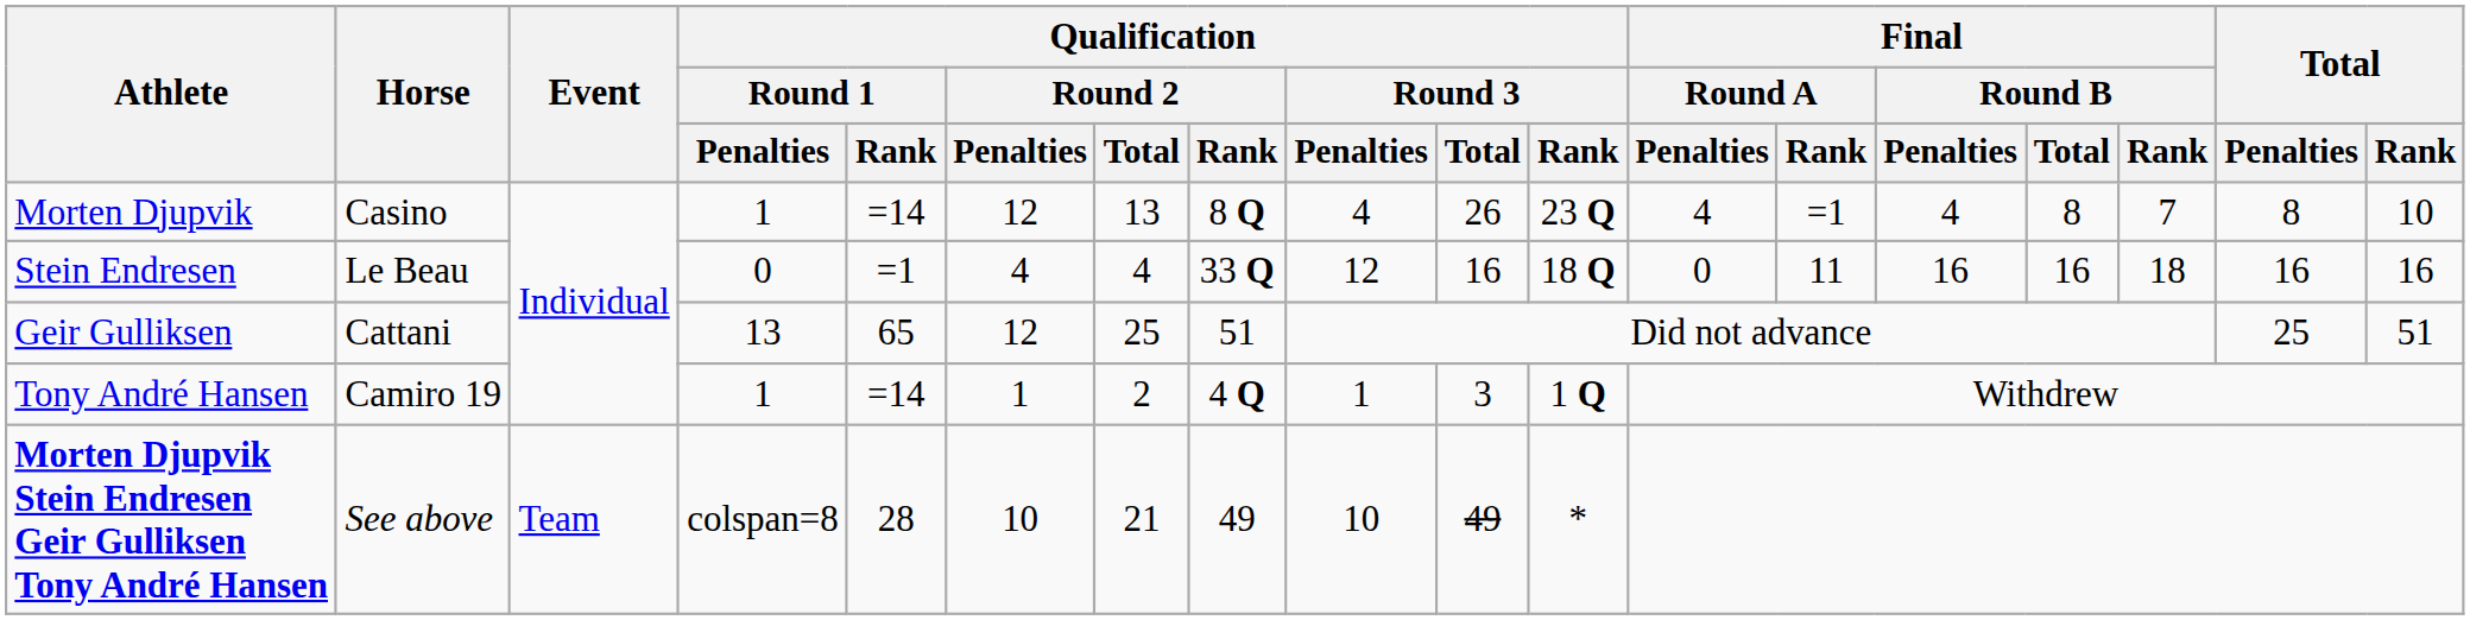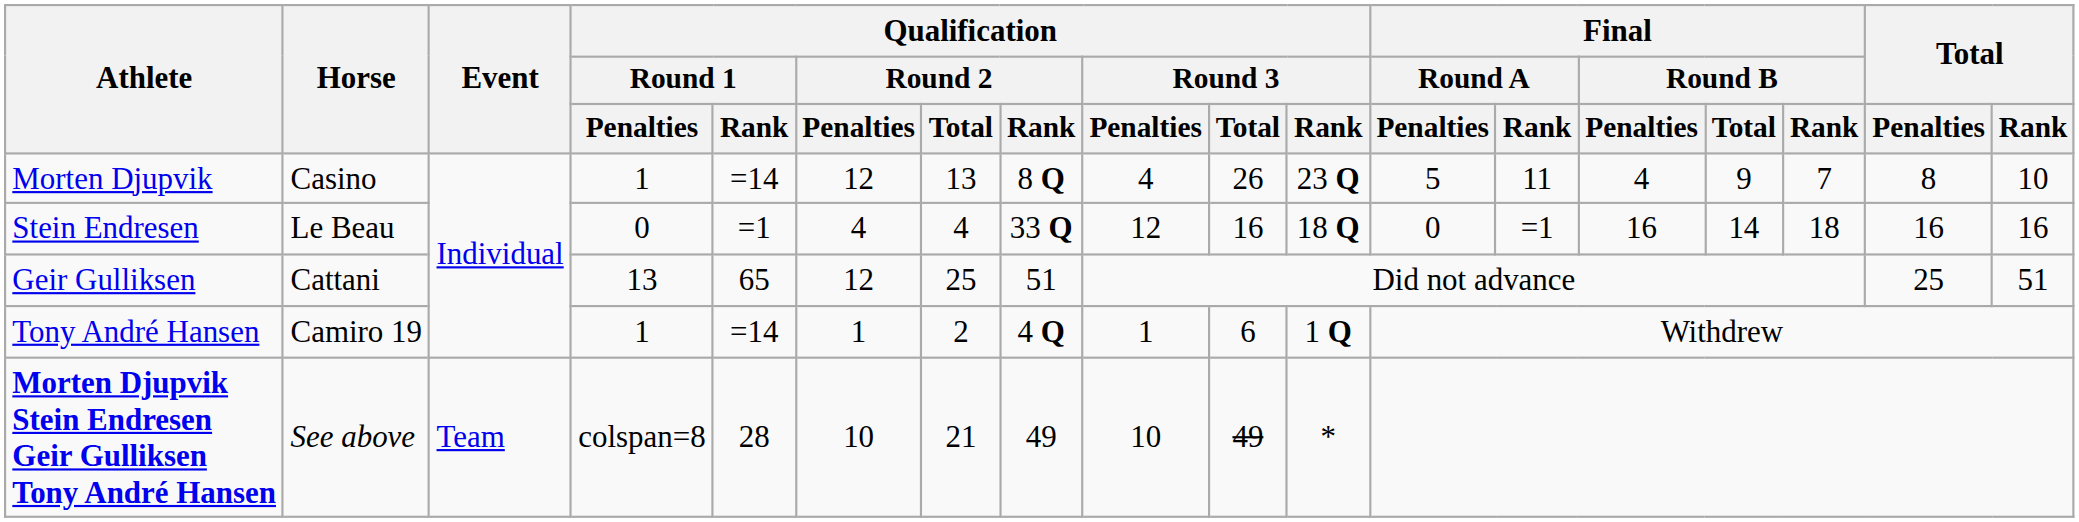 <table class="wikitable" style="font-size:90%">
 <tr>
 <th rowspan="3">Athlete</th>
 <th rowspan="3">Horse</th>
 <th rowspan="3">Event</th>
 <th colspan="8">Qualification</th>
 <th colspan="5">Final</th>
 <th rowspan=2 colspan="2">Total</th>
 </tr>
 <tr style="font-size:95%">
 <th colspan="2">Round 1</th>
 <th colspan="3">Round 2</th>
 <th colspan="3">Round 3</th>
 <th colspan="2">Round A</th>
 <th colspan="3">Round B</th>
 </tr>
 <tr style="font-size:95%">
 <th>Penalties</th>
 <th>Rank</th>
 <th>Penalties</th>
 <th>Total</th>
 <th>Rank</th>
 <th>Penalties</th>
 <th>Total</th>
 <th>Rank</th>
 <th>Penalties</th>
 <th>Rank</th>
 <th>Penalties</th>
 <th>Total</th>
 <th>Rank</th>
 <th>Penalties</th>
 <th>Rank</th>
 </tr>
 <tr align=center>
 <td align=left><a href='#'>Morten Djupvik</a></td>
 <td align=left>Casino</td>
 <td align=left rowspan=4><a href='#'>Individual</a></td>
 <td>1</td>
 <td>=14</td>
 <td>12</td>
 <td>13</td>
 <td>8 <strong>Q</strong></td>
 <td>4</td>
 <td>26</td>
 <td>23 <strong>Q</strong></td>
+<td>5</td>
+<td>11</td>
 <td>4</td>
-<td>=1</td>
-<td>4</td>
-<td>8</td>
+<td>9</td>
 <td>7</td>
 <td>8</td>
 <td>10</td>
 </tr>
 <tr align=center>
 <td align=left><a href='#'>Stein Endresen</a></td>
 <td align=left>Le Beau</td>
 <td>0</td>
 <td>=1</td>
 <td>4</td>
 <td>4</td>
 <td>33 <strong>Q</strong></td>
 <td>12</td>
 <td>16</td>
 <td>18 <strong>Q</strong></td>
 <td>0</td>
-<td>11</td>
+<td>=1</td>
 <td>16</td>
-<td>16</td>
+<td>14</td>
 <td>18</td>
 <td>16</td>
 <td>16</td>
 </tr>
 <tr align=center>
 <td align=left><a href='#'>Geir Gulliksen</a></td>
 <td align=left>Cattani</td>
 <td>13</td>
 <td>65</td>
 <td>12</td>
 <td>25</td>
 <td>51</td>
 <td colspan=8>Did not advance</td>
 <td>25</td>
 <td>51</td>
 </tr>
 <tr align=center>
 <td align=left><a href='#'>Tony André Hansen</a></td>
 <td align=left>Camiro 19</td>
 <td>1</td>
 <td>=14</td>
 <td>1</td>
 <td>2</td>
 <td>4 <strong>Q</strong></td>
 <td>1</td>
-<td>3</td>
+<td>6</td>
 <td>1 <strong>Q</strong></td>
 <td colspan=7>Withdrew</td>
 </tr>
 <tr align=center>
 <td align=left><strong><a href='#'>Morten Djupvik</a> <br><a href='#'>Stein Endresen</a><br><a href='#'>Geir Gulliksen</a><br><a href='#'>Tony André Hansen</a></strong></td>
 <td align=left><em>See above</em></td>
 <td align=left><a href='#'>Team</a></td>
 <td>colspan=8 </td>
 <td>28</td>
 <td>10</td>
 <td>21</td>
 <td>49</td>
 <td>10</td>
 <td><s>49</s></td>
 <td>*</td>
 </tr>
 </table>
